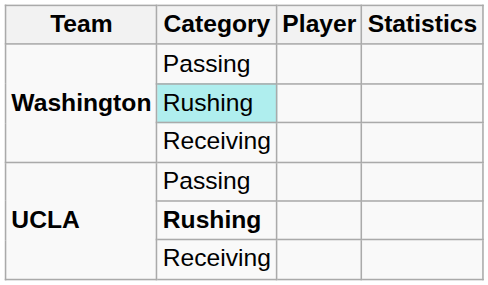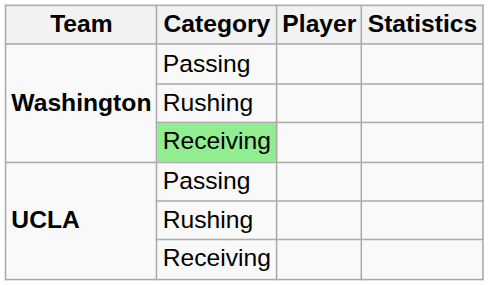 <table class="wikitable" style="float: right;">
 <tr>
 <th>Team</th>
 <th>Category</th>
 <th>Player</th>
 <th>Statistics</th>
 </tr>
 <tr>
 <td rowspan=3><strong>Washington</strong></td>
 <td>Passing</td>
 <td></td>
 <td></td>
 </tr>
 <tr>
-<td style="background: paleturquoise;">Rushing</td>
+<td>Rushing</td>
 <td></td>
 <td></td>
 </tr>
 <tr>
-<td>Receiving</td>
+<td style="background: lightgreen;">Receiving</td>
 <td></td>
 <td></td>
 </tr>
 <tr>
 <td rowspan=3><strong>UCLA</strong></td>
 <td>Passing</td>
 <td></td>
 <td></td>
 </tr>
 <tr>
-<td><strong>Rushing</strong></td>
+<td>Rushing</td>
 <td></td>
 <td></td>
 </tr>
 <tr>
 <td>Receiving</td>
 <td></td>
 <td></td>
 </tr>
 </table>
